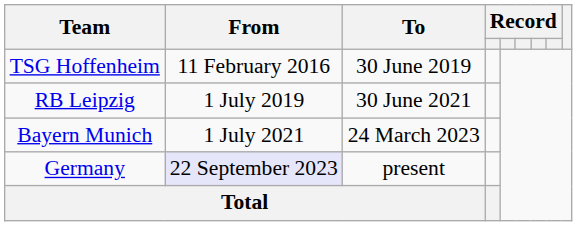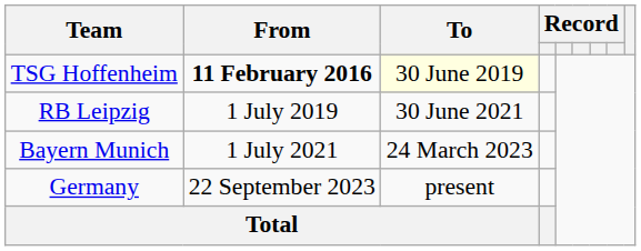 <table class="wikitable" style="text-align: center;">
 <tr>
 <th rowspan="2">Team</th>
 <th rowspan="2">From</th>
 <th rowspan="2">To</th>
 <th colspan="5">Record</th>
 <th rowspan="2"></th>
 </tr>
 <tr>
 <th></th>
 <th></th>
 <th></th>
 <th></th>
 <th></th>
 </tr>
 <tr>
 <td><a href='#'>TSG Hoffenheim</a></td>
-<td>11 February 2016</td>
-<td>30 June 2019<br></td>
+<td><strong>11 February 2016</strong></td>
+<td style="background: lightyellow;">30 June 2019<br></td>
 <td></td>
 </tr>
 <tr>
 <td><a href='#'>RB Leipzig</a></td>
 <td>1 July 2019</td>
 <td>30 June 2021<br></td>
 <td></td>
 </tr>
 <tr>
 <td><a href='#'>Bayern Munich</a></td>
 <td>1 July 2021</td>
 <td>24 March 2023<br></td>
 <td></td>
 </tr>
 <tr>
 <td><a href='#'>Germany</a></td>
-<td style="background: lavender;">22 September 2023</td>
+<td>22 September 2023</td>
 <td>present<br></td>
 <td></td>
 </tr>
 <tr>
 <th colspan=3>Total<br></th>
 <th></th>
 </tr>
 </table>
